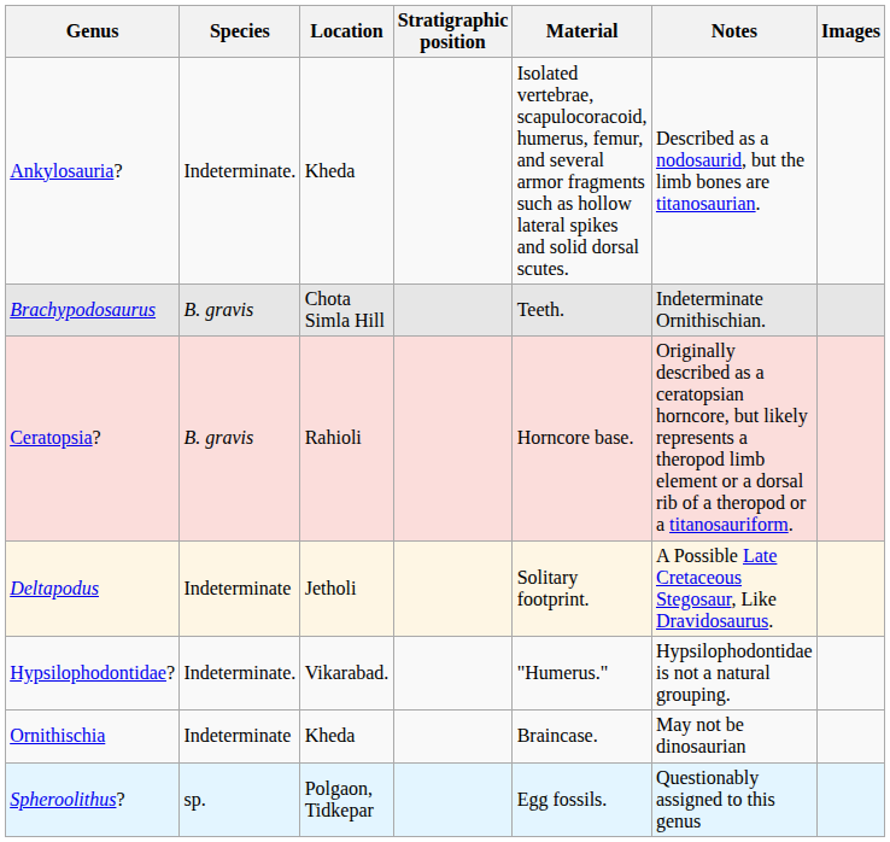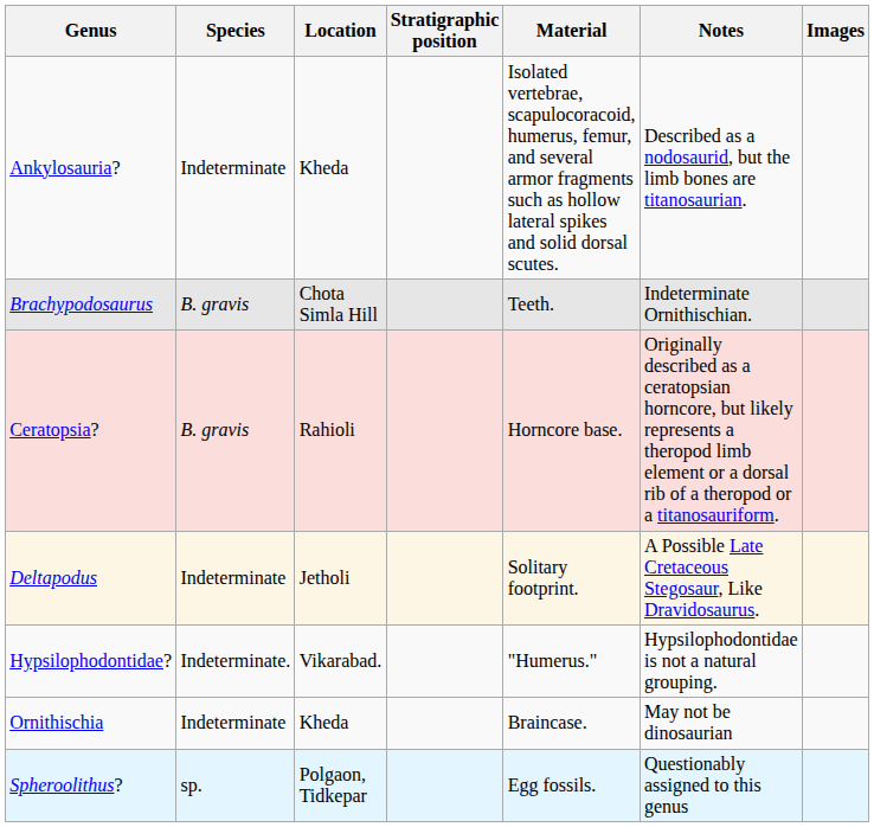 <table class="wikitable" align="center">
 <tr>
 <th>Genus</th>
 <th>Species</th>
 <th>Location</th>
 <th>Stratigraphic position</th>
 <th>Material</th>
 <th>Notes</th>
 <th>Images</th>
 </tr>
 <tr>
 <td><a href='#'>Ankylosauria</a>?</td>
-<td>Indeterminate.</td>
+<td>Indeterminate</td>
 <td>Kheda</td>
 <td></td>
 <td>Isolated vertebrae, scapulocoracoid, humerus, femur, and several armor fragments such as hollow lateral spikes and solid dorsal scutes.</td>
 <td>Described as a <a href='#'>nodosaurid</a>, but the limb bones are <a href='#'>titanosaurian</a>.</td>
 <td></td>
 </tr>
 <tr style="background:#E6E6E6;">
 <td><em><a href='#'>Brachypodosaurus</a></em></td>
 <td><em>B. gravis</em></td>
 <td>Chota Simla Hill</td>
 <td></td>
 <td>Teeth.</td>
 <td>Indeterminate Ornithischian.</td>
 <td></td>
 </tr>
 <tr style="background:#fbdddb;">
 <td><a href='#'>Ceratopsia</a>?</td>
 <td><em>B. gravis</em></td>
 <td>Rahioli</td>
 <td></td>
 <td>Horncore base.</td>
 <td>Originally described as a ceratopsian horncore, but likely represents a theropod limb element or a dorsal rib of a theropod or a <a href='#'>titanosauriform</a>.</td>
 <td></td>
 </tr>
 <tr style="background:#FEF6E4;">
 <td><em><a href='#'>Deltapodus</a></em></td>
 <td>Indeterminate</td>
 <td>Jetholi</td>
 <td></td>
 <td>Solitary footprint.</td>
 <td>A Possible <a href='#'>Late Cretaceous</a> <a href='#'>Stegosaur</a>, Like <a href='#'>Dravidosaurus</a>.</td>
 <td></td>
 </tr>
 <tr>
 <td><a href='#'>Hypsilophodontidae</a>?</td>
 <td>Indeterminate.</td>
 <td>Vikarabad.</td>
 <td></td>
 <td>"Humerus."</td>
 <td>Hypsilophodontidae is not a natural grouping.</td>
 <td></td>
 </tr>
 <tr>
 <td><a href='#'>Ornithischia</a></td>
 <td>Indeterminate</td>
 <td>Kheda</td>
 <td></td>
 <td>Braincase.</td>
 <td>May not be dinosaurian</td>
 <td></td>
 </tr>
 <tr>
 <td style="background:#E3F5FF;"><em><a href='#'>Spheroolithus</a></em>?</td>
 <td style="background:#E3F5FF;">sp.</td>
 <td style="background:#E3F5FF;">Polgaon,<br>Tidkepar</td>
 <td style="background:#E3F5FF;"></td>
 <td style="background:#E3F5FF;">Egg fossils.</td>
 <td style="background:#E3F5FF;">Questionably assigned to this genus</td>
 <td style="background:#E3F5FF;"></td>
 </tr>
 </table>
